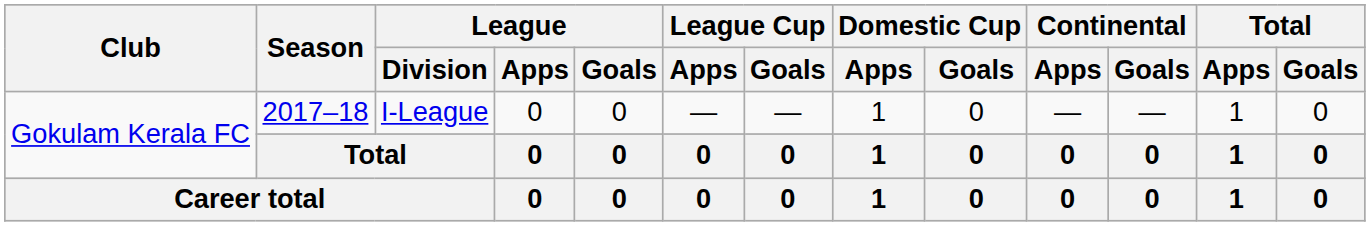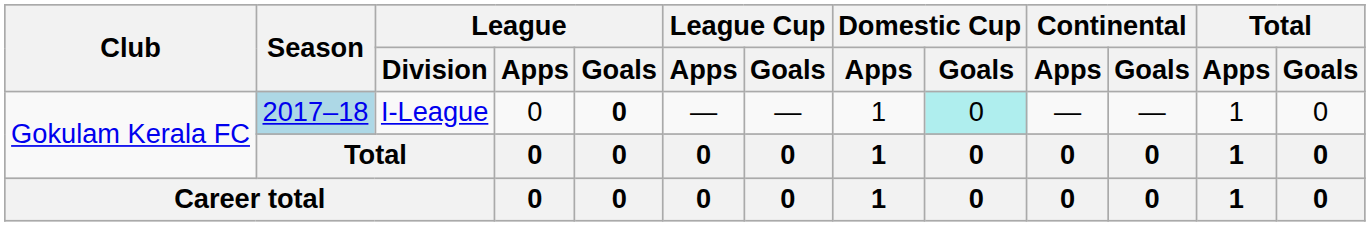 <table class="wikitable" style="text-align: center;">
 <tr>
 <th rowspan="2">Club</th>
 <th rowspan="2">Season</th>
 <th colspan="3">League</th>
 <th colspan="2">League Cup</th>
 <th colspan="2">Domestic Cup</th>
 <th colspan="2">Continental</th>
 <th colspan="2">Total</th>
 </tr>
 <tr>
 <th>Division</th>
 <th>Apps</th>
 <th>Goals</th>
 <th>Apps</th>
 <th>Goals</th>
 <th>Apps</th>
 <th>Goals</th>
 <th>Apps</th>
 <th>Goals</th>
 <th>Apps</th>
 <th>Goals</th>
 </tr>
 <tr>
 <td rowspan="2"><a href='#'>Gokulam Kerala FC</a></td>
-<td><a href='#'>2017–18</a></td>
+<td style="background: lightblue;"><a href='#'>2017–18</a></td>
 <td><a href='#'>I-League</a></td>
 <td>0</td>
-<td>0</td>
+<td><strong>0</strong></td>
 <td>—</td>
 <td>—</td>
 <td>1</td>
-<td>0</td>
+<td style="background: paleturquoise;">0</td>
 <td>—</td>
 <td>—</td>
 <td>1</td>
 <td>0</td>
 </tr>
 <tr>
 <th colspan="2">Total</th>
 <th>0</th>
 <th>0</th>
 <th>0</th>
 <th>0</th>
 <th>1</th>
 <th>0</th>
 <th>0</th>
 <th>0</th>
 <th>1</th>
 <th>0</th>
 </tr>
 <tr>
 <th colspan="3">Career total</th>
 <th>0</th>
 <th>0</th>
 <th>0</th>
 <th>0</th>
 <th>1</th>
 <th>0</th>
 <th>0</th>
 <th>0</th>
 <th>1</th>
 <th>0</th>
 </tr>
 </table>
